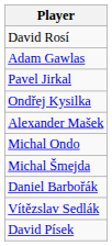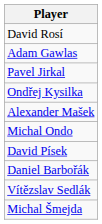 <table class="wikitable">
 <tr>
 <th>Player</th>
 </tr>
 <tr>
 <td> David Rosí</td>
 </tr>
 <tr>
 <td> <a href='#'>Adam Gawlas</a></td>
 </tr>
 <tr>
 <td> <a href='#'>Pavel Jirkal</a></td>
 </tr>
 <tr>
 <td> <a href='#'>Ondřej Kysilka</a></td>
 </tr>
 <tr>
 <td> <a href='#'>Alexander Mašek</a></td>
 </tr>
 <tr>
 <td> <a href='#'>Michal Ondo</a></td>
 </tr>
 <tr>
-<td> <a href='#'>Michal Šmejda</a></td>
+<td> <a href='#'>David Písek</a></td>
 </tr>
 <tr>
 <td> <a href='#'>Daniel Barbořák</a></td>
 </tr>
 <tr>
 <td> <a href='#'>Vítězslav Sedlák</a></td>
 </tr>
 <tr>
-<td> <a href='#'>David Písek</a></td>
+<td> <a href='#'>Michal Šmejda</a></td>
 </tr>
 </table>
